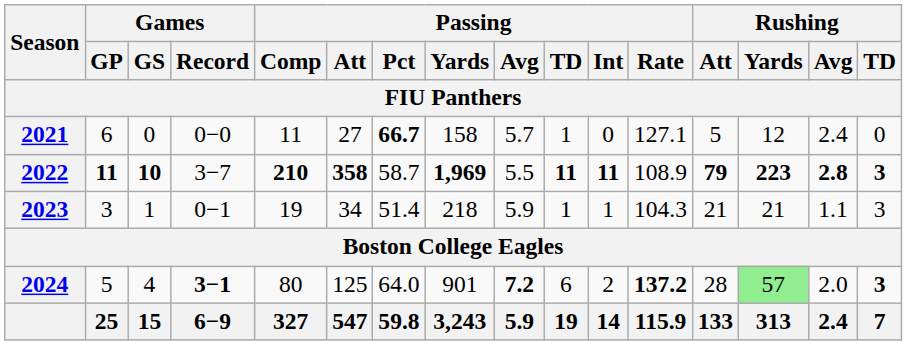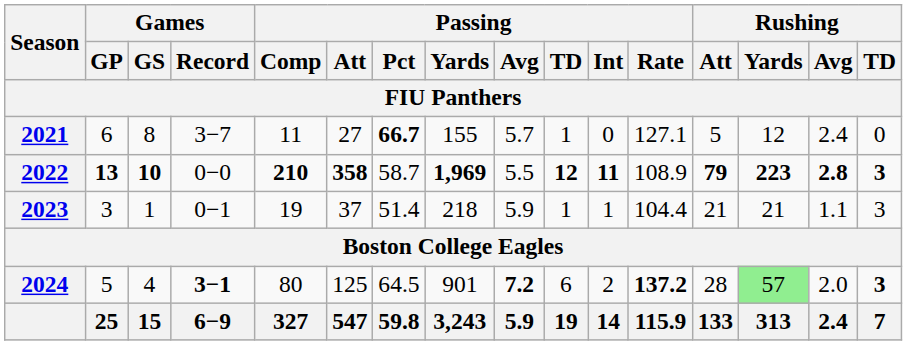 <table class="wikitable" style="text-align:center;">
 <tr>
 <th rowspan="2">Season</th>
 <th colspan="3">Games</th>
 <th colspan="8">Passing</th>
 <th colspan="5">Rushing</th>
 </tr>
 <tr>
 <th>GP</th>
 <th>GS</th>
 <th>Record</th>
 <th>Comp</th>
 <th>Att</th>
 <th>Pct</th>
 <th>Yards</th>
 <th>Avg</th>
 <th>TD</th>
 <th>Int</th>
 <th>Rate</th>
 <th>Att</th>
 <th>Yards</th>
 <th>Avg</th>
 <th>TD</th>
 </tr>
 <tr>
 <th colspan="16">FIU Panthers</th>
 </tr>
 <tr>
 <th><a href='#'>2021</a></th>
 <td>6</td>
-<td>0</td>
-<td>0−0</td>
+<td>8</td>
+<td>3−7</td>
 <td>11</td>
 <td>27</td>
 <td><strong>66.7</strong></td>
-<td>158</td>
+<td>155</td>
 <td>5.7</td>
 <td>1</td>
 <td>0</td>
 <td>127.1</td>
 <td>5</td>
 <td>12</td>
 <td>2.4</td>
 <td>0</td>
 </tr>
 <tr>
 <th><a href='#'>2022</a></th>
-<td><strong>11</strong></td>
+<td><strong>13</strong></td>
 <td><strong>10</strong></td>
-<td>3−7</td>
+<td>0−0</td>
 <td><strong>210</strong></td>
 <td><strong>358</strong></td>
 <td>58.7</td>
 <td><strong>1,969</strong></td>
 <td>5.5</td>
-<td><strong>11</strong></td>
+<td><strong>12</strong></td>
 <td><strong>11</strong></td>
 <td>108.9</td>
 <td><strong>79</strong></td>
 <td><strong>223</strong></td>
 <td><strong>2.8</strong></td>
 <td><strong>3</strong></td>
 </tr>
 <tr>
 <th><a href='#'>2023</a></th>
 <td>3</td>
 <td>1</td>
 <td>0−1</td>
 <td>19</td>
-<td>34</td>
+<td>37</td>
 <td>51.4</td>
 <td>218</td>
 <td>5.9</td>
 <td>1</td>
 <td>1</td>
-<td>104.3</td>
+<td>104.4</td>
 <td>21</td>
 <td>21</td>
 <td>1.1</td>
 <td>3</td>
 </tr>
 <tr>
 <th colspan="16">Boston College Eagles</th>
 </tr>
 <tr>
 <th><a href='#'>2024</a></th>
 <td>5</td>
 <td>4</td>
 <td><strong>3−1</strong></td>
 <td>80</td>
 <td>125</td>
-<td>64.0</td>
+<td>64.5</td>
 <td>901</td>
 <td><strong>7.2</strong></td>
 <td>6</td>
 <td>2</td>
 <td><strong>137.2</strong></td>
 <td>28</td>
 <td style="background: lightgreen;">57</td>
 <td>2.0</td>
 <td><strong>3</strong></td>
 </tr>
 <tr>
 <th></th>
 <th>25</th>
 <th>15</th>
 <th>6−9</th>
 <th>327</th>
 <th>547</th>
 <th>59.8</th>
 <th>3,243</th>
 <th>5.9</th>
 <th>19</th>
 <th>14</th>
 <th>115.9</th>
 <th>133</th>
 <th>313</th>
 <th>2.4</th>
 <th>7</th>
 </tr>
 </table>
